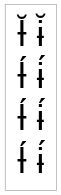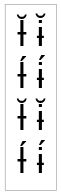 <table align="right" cellpadding="4" style="border: 1px solid #aaaaaa; margin: 0 0 10px 10px; padding: 10px; font-size: 36pt; line-height: 36pt; text-align: center;">
 <tr>
 <td><span>Ɨ̆ ɨ̆</span></td>
 </tr>
 <tr>
 <td><span>Ɨ́ ɨ́</span></td>
 </tr>
 <tr>
-<td><span>Ɨ́ ɨ́</span></td>
+<td><span>Ɨ̆ ɨ̆</span></td>
 </tr>
 <tr>
 <td><span>Ɨ́ ɨ́</span></td>
 </tr>
 </table>
